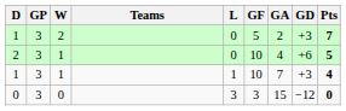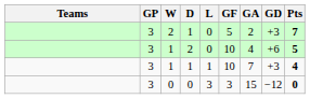 <table class="wikitable">
 <tr align=center bgcolor=#efefef>
-<th width=20>D</th>
+<th width=185>Teams</th>
 <th width=20>GP</th>
 <th width=20>W</th>
-<th width=185>Teams</th>
+<th width=20>D</th>
 <th width=20>L</th>
 <th width=20>GF</th>
 <th width=20>GA</th>
 <th width=20>GD</th>
 <th width=20>Pts</th>
 </tr>
 <tr align=center style="background:#ccffcc;">
-<td>1</td>
+<td style="text-align:left;"></td>
 <td>3</td>
 <td>2</td>
-<td style="text-align:left;"></td>
+<td>1</td>
 <td>0</td>
 <td>5</td>
 <td>2</td>
 <td>+3</td>
 <td><strong>7</strong></td>
 </tr>
 <tr align=center style="background:#ccffcc;">
-<td>2</td>
+<td style="text-align:left;"></td>
 <td>3</td>
 <td>1</td>
-<td style="text-align:left;"></td>
+<td>2</td>
 <td>0</td>
 <td>10</td>
 <td>4</td>
 <td>+6</td>
 <td><strong>5</strong></td>
 </tr>
 <tr align=center>
-<td>1</td>
+<td style="text-align:left;"></td>
 <td>3</td>
 <td>1</td>
-<td style="text-align:left;"></td>
+<td>1</td>
 <td>1</td>
 <td>10</td>
 <td>7</td>
 <td>+3</td>
 <td><strong>4</strong></td>
 </tr>
 <tr align=center>
-<td>0</td>
+<td style="text-align:left;"></td>
 <td>3</td>
 <td>0</td>
-<td style="text-align:left;"></td>
+<td>0</td>
 <td>3</td>
 <td>3</td>
 <td>15</td>
 <td>−12</td>
 <td><strong>0</strong></td>
 </tr>
 </table>
